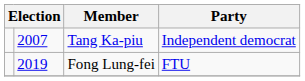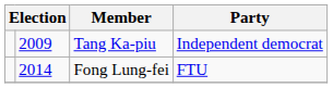 <table class="wikitable">
 <tr>
 <th colspan="2">Election</th>
 <th>Member</th>
 <th>Party</th>
 </tr>
 <tr>
 <td style="color:inherit;background-color: "></td>
-<td><a href='#'>2007</a></td>
+<td><a href='#'>2009</a></td>
 <td><a href='#'>Tang Ka-piu</a></td>
 <td><a href='#'>Independent democrat</a></td>
 </tr>
 <tr>
 <td style="color:inherit;background:"></td>
-<td><a href='#'>2019</a></td>
+<td><a href='#'>2014</a></td>
 <td>Fong Lung-fei</td>
 <td><a href='#'>FTU</a></td>
 </tr>
 <tr>
 </tr>
 </table>
